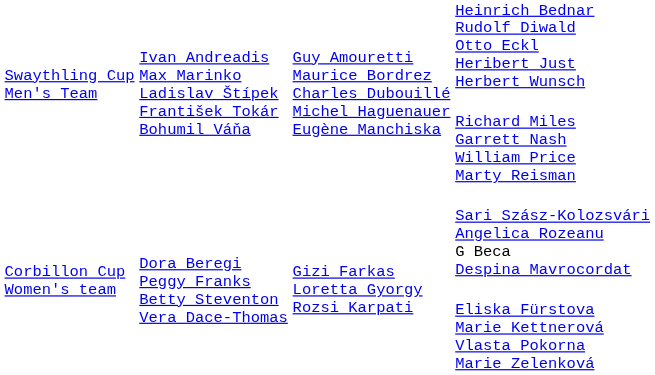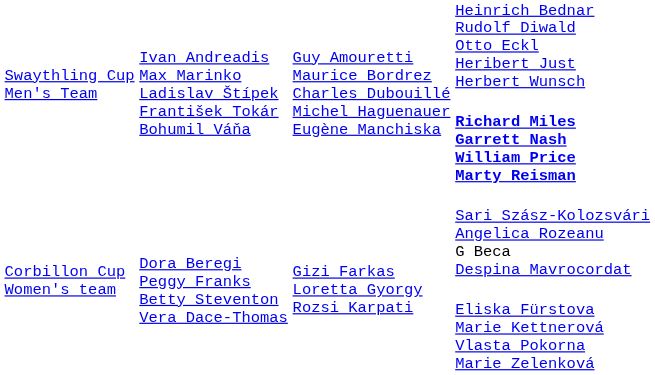 <table>
 <tr>
 <td rowspan=2><a href='#'>Swaythling Cup<br>Men's Team</a></td>
 <td rowspan=2><br><a href='#'>Ivan Andreadis</a><br><a href='#'>Max Marinko</a><br><a href='#'>Ladislav Štípek</a><br><a href='#'>František Tokár</a><br><a href='#'>Bohumil Váňa</a></td>
 <td rowspan=2><br><a href='#'>Guy Amouretti</a><br><a href='#'>Maurice Bordrez</a><br><a href='#'>Charles Dubouillé</a><br><a href='#'>Michel Haguenauer</a><br><a href='#'>Eugène Manchiska</a></td>
 <td><br><a href='#'>Heinrich Bednar</a><br><a href='#'>Rudolf Diwald</a><br><a href='#'>Otto Eckl</a><br><a href='#'>Heribert Just</a><br><a href='#'>Herbert Wunsch</a></td>
 </tr>
 <tr>
-<td><br><a href='#'>Richard Miles</a><br><a href='#'>Garrett Nash</a><br><a href='#'>William Price</a><br><a href='#'>Marty Reisman</a></td>
+<td><strong><br><a href='#'>Richard Miles</a><br><a href='#'>Garrett Nash</a><br><a href='#'>William Price</a><br><a href='#'>Marty Reisman</a></strong></td>
 </tr>
 <tr>
 <td rowspan=2><a href='#'>Corbillon Cup<br>Women's team</a></td>
 <td rowspan=2><br><a href='#'>Dora Beregi</a><br><a href='#'>Peggy Franks</a><br><a href='#'>Betty Steventon</a><br><a href='#'>Vera Dace-Thomas</a></td>
 <td rowspan=2><br><a href='#'>Gizi Farkas</a><br><a href='#'>Loretta Gyorgy</a><br><a href='#'>Rozsi Karpati</a></td>
 <td><br><a href='#'>Sari Szász-Kolozsvári</a><br><a href='#'>Angelica Rozeanu</a><br>G Beca <br><a href='#'>Despina Mavrocordat</a></td>
 </tr>
 <tr>
 <td><br><a href='#'>Eliska Fürstova</a><br><a href='#'>Marie Kettnerová</a><br><a href='#'>Vlasta Pokorna</a><br><a href='#'>Marie Zelenková</a></td>
 </tr>
 </table>
